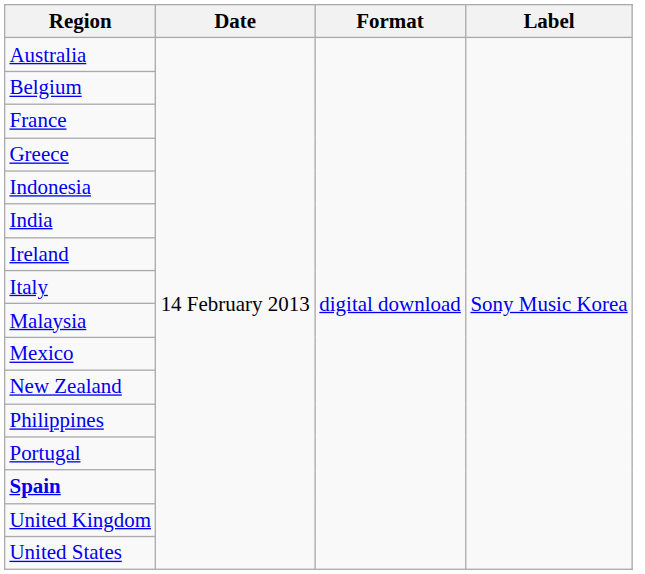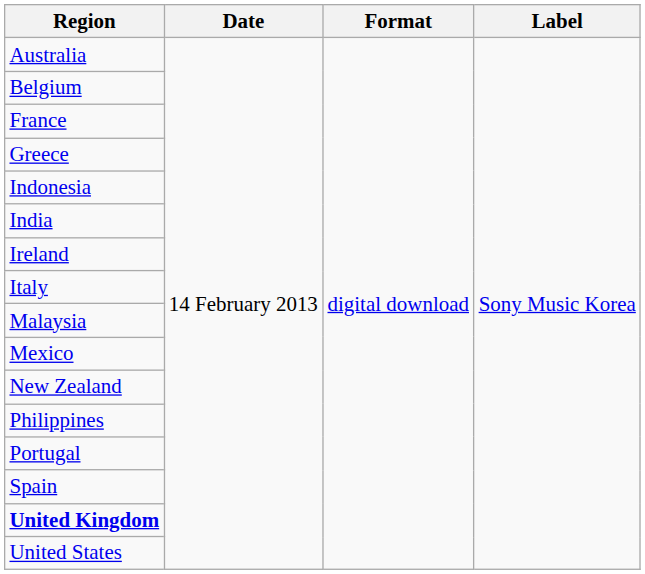 <table class="wikitable">
 <tr>
 <th>Region</th>
 <th>Date</th>
 <th>Format</th>
 <th>Label</th>
 </tr>
 <tr>
 <td><a href='#'>Australia</a></td>
 <td rowspan=16>14 February 2013</td>
 <td rowspan=16><a href='#'>digital download</a></td>
 <td rowspan=16><a href='#'>Sony Music Korea</a></td>
 </tr>
 <tr>
 <td><a href='#'>Belgium</a></td>
 </tr>
 <tr>
 <td><a href='#'>France</a></td>
 </tr>
 <tr>
 <td><a href='#'>Greece</a></td>
 </tr>
 <tr>
 <td><a href='#'>Indonesia</a></td>
 </tr>
 <tr>
 <td><a href='#'>India</a></td>
 </tr>
 <tr>
 <td><a href='#'>Ireland</a></td>
 </tr>
 <tr>
 <td><a href='#'>Italy</a></td>
 </tr>
 <tr>
 <td><a href='#'>Malaysia</a></td>
 </tr>
 <tr>
 <td><a href='#'>Mexico</a></td>
 </tr>
 <tr>
 <td><a href='#'>New Zealand</a></td>
 </tr>
 <tr>
 <td><a href='#'>Philippines</a></td>
 </tr>
 <tr>
 <td><a href='#'>Portugal</a></td>
 </tr>
 <tr>
-<td><strong><a href='#'>Spain</a></strong></td>
+<td><a href='#'>Spain</a></td>
 </tr>
 <tr>
-<td><a href='#'>United Kingdom</a></td>
+<td><strong><a href='#'>United Kingdom</a></strong></td>
 </tr>
 <tr>
 <td><a href='#'>United States</a></td>
 </tr>
 </table>
